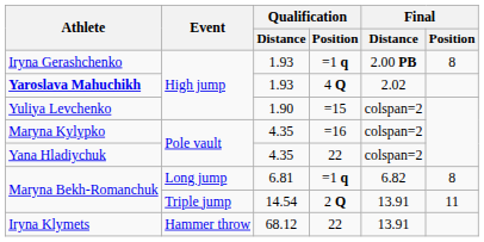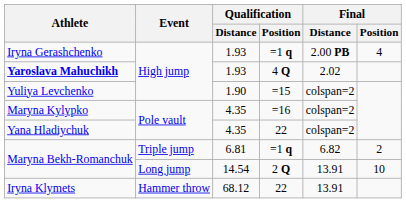 <table class=wikitable style="font-size:90%">
 <tr>
 <th rowspan="2">Athlete</th>
 <th rowspan="2">Event</th>
 <th colspan="2">Qualification</th>
 <th colspan="2">Final</th>
 </tr>
 <tr style="font-size:95%">
 <th>Distance</th>
 <th>Position</th>
 <th>Distance</th>
 <th>Position</th>
 </tr>
 <tr style=text-align:center>
 <td style=text-align:left><a href='#'>Iryna Gerashchenko</a></td>
 <td style=text-align:left rowspan=3><a href='#'>High jump</a></td>
 <td>1.93</td>
 <td>=1 <strong>q</strong></td>
 <td>2.00 <strong>PB</strong></td>
-<td>8</td>
+<td>4</td>
 </tr>
 <tr style=text-align:center>
 <td style=text-align:left><strong><a href='#'>Yaroslava Mahuchikh</a></strong></td>
 <td>1.93</td>
 <td>4 <strong>Q</strong></td>
 <td>2.02</td>
 <td></td>
 </tr>
 <tr style=text-align:center>
 <td style=text-align:left><a href='#'>Yuliya Levchenko</a></td>
 <td>1.90</td>
 <td>=15</td>
 <td>colspan=2 </td>
 </tr>
 <tr style=text-align:center>
 <td style=text-align:left><a href='#'>Maryna Kylypko</a></td>
 <td style=text-align:left rowspan=2><a href='#'>Pole vault</a></td>
 <td>4.35</td>
 <td>=16</td>
 <td>colspan=2 </td>
 </tr>
 <tr style=text-align:center>
 <td style=text-align:left><a href='#'>Yana Hladiychuk</a></td>
 <td>4.35</td>
 <td>22</td>
 <td>colspan=2 </td>
 </tr>
 <tr style=text-align:center>
 <td rowspan="2" style="text-align:left"><a href='#'>Maryna Bekh-Romanchuk</a></td>
-<td style=text-align:left><a href='#'>Long jump</a></td>
+<td style=text-align:left><a href='#'>Triple jump</a></td>
 <td>6.81</td>
 <td>=1 <strong>q</strong></td>
 <td>6.82</td>
-<td>8</td>
+<td>2</td>
 </tr>
 <tr style=text-align:center>
-<td style=text-align:left><a href='#'>Triple jump</a></td>
+<td style=text-align:left><a href='#'>Long jump</a></td>
 <td>14.54</td>
 <td>2 <strong>Q</strong></td>
 <td>13.91</td>
-<td>11</td>
+<td>10</td>
 </tr>
 <tr style=text-align:center>
 <td style=text-align:left><a href='#'>Iryna Klymets</a></td>
 <td style=text-align:left><a href='#'>Hammer throw</a></td>
 <td>68.12</td>
 <td>22</td>
 <td>13.91</td>
 </tr>
 </table>
